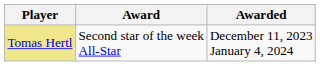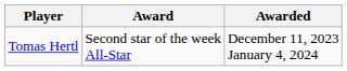 <table class="wikitable sortable">
 <tr>
 <th>Player</th>
 <th>Award</th>
 <th>Awarded</th>
 </tr>
 <tr>
-<td style="background: khaki;"><a href='#'>Tomas Hertl</a></td>
+<td><a href='#'>Tomas Hertl</a></td>
 <td>Second star of the week<br><a href='#'>All-Star</a></td>
 <td>December 11, 2023<br>January 4, 2024</td>
 </tr>
 </table>
